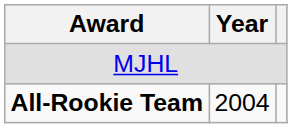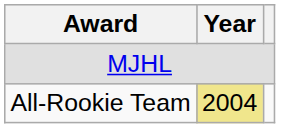 <table class="wikitable">
 <tr>
 <th>Award</th>
 <th>Year</th>
 <th></th>
 </tr>
 <tr ALIGN="center" bgcolor="#e0e0e0">
 <td colspan="3"><a href='#'>MJHL</a></td>
 </tr>
 <tr>
-<td><strong>All-Rookie Team</strong></td>
-<td>2004</td>
+<td>All-Rookie Team</td>
+<td style="background: khaki;">2004</td>
 <td></td>
 </tr>
 </table>
